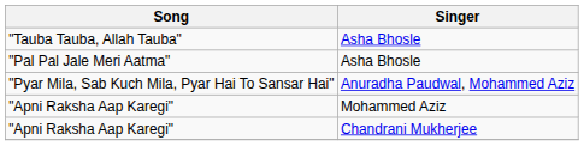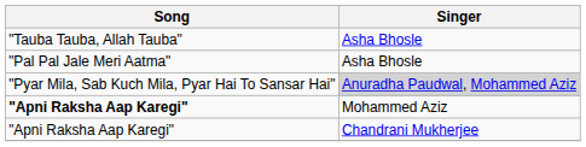 <table class="wikitable" style="font-size:95%">
 <tr>
 <th>Song</th>
 <th>Singer</th>
 </tr>
 <tr>
 <td>"Tauba Tauba, Allah Tauba"</td>
 <td><a href='#'>Asha Bhosle</a></td>
 </tr>
 <tr>
 <td>"Pal Pal Jale Meri Aatma"</td>
 <td>Asha Bhosle</td>
 </tr>
 <tr>
 <td>"Pyar Mila, Sab Kuch Mila, Pyar Hai To Sansar Hai"</td>
-<td><a href='#'>Anuradha Paudwal</a>, <a href='#'>Mohammed Aziz</a></td>
+<td style="background: lightgrey;"><a href='#'>Anuradha Paudwal</a>, <a href='#'>Mohammed Aziz</a></td>
 </tr>
 <tr>
-<td>"Apni Raksha Aap Karegi"</td>
+<td><strong>"Apni Raksha Aap Karegi"</strong></td>
 <td>Mohammed Aziz</td>
 </tr>
 <tr>
 <td>"Apni Raksha Aap Karegi"</td>
 <td><a href='#'>Chandrani Mukherjee</a></td>
 </tr>
 <tr>
 </tr>
 </table>
